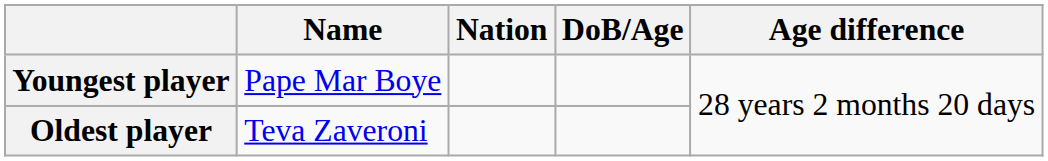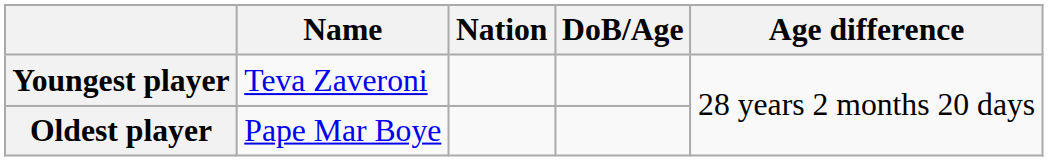 <table class="wikitable">
 <tr>
 <th></th>
 <th>Name</th>
 <th>Nation</th>
 <th>DoB/Age</th>
 <th>Age difference</th>
 </tr>
 <tr>
 <th>Youngest player</th>
-<td><a href='#'>Pape Mar Boye</a></td>
+<td><a href='#'>Teva Zaveroni</a></td>
 <td></td>
 <td></td>
 <td rowspan=2 align=center>28 years 2 months 20 days</td>
 </tr>
 <tr>
 <th>Oldest player</th>
-<td><a href='#'>Teva Zaveroni</a></td>
+<td><a href='#'>Pape Mar Boye</a></td>
 <td></td>
 <td></td>
 </tr>
 </table>
